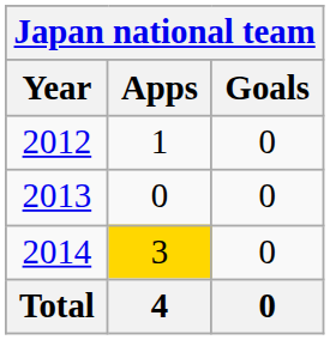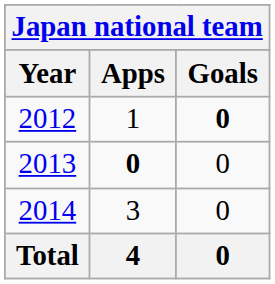 <table class="wikitable" style="text-align:center">
 <tr>
 <th colspan=4><a href='#'>Japan national team</a></th>
 </tr>
 <tr>
 <th>Year</th>
 <th>Apps</th>
 <th>Goals</th>
 </tr>
 <tr>
 <td><a href='#'>2012</a></td>
 <td>1</td>
-<td>0</td>
+<td><strong>0</strong></td>
 </tr>
 <tr>
 <td><a href='#'>2013</a></td>
-<td>0</td>
+<td><strong>0</strong></td>
 <td>0</td>
 </tr>
 <tr>
 <td><a href='#'>2014</a></td>
-<td style="background: gold;">3</td>
+<td>3</td>
 <td>0</td>
 </tr>
 <tr>
 <th>Total</th>
 <th>4</th>
 <th>0</th>
 </tr>
 </table>
